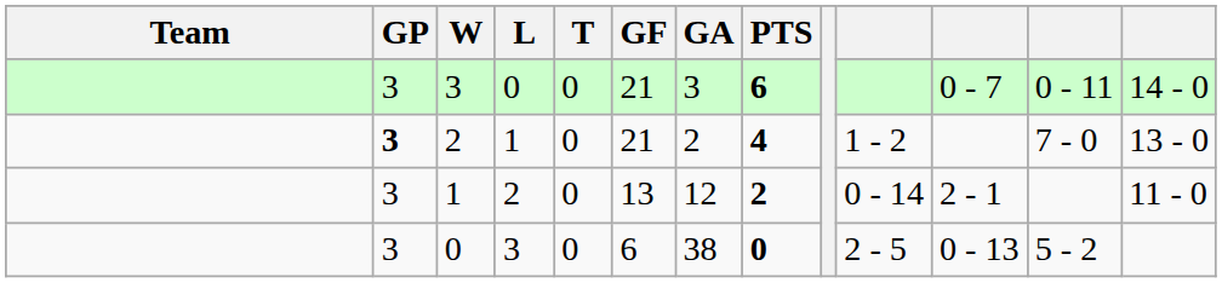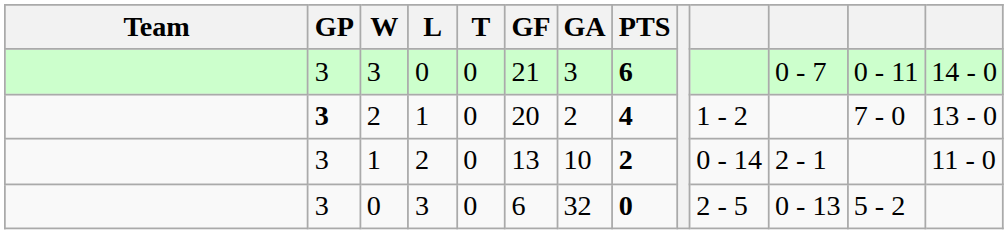 <table class="wikitable">
 <tr>
 <th width=165>Team</th>
 <th width=20>GP</th>
 <th width=20>W</th>
 <th width=20>L</th>
 <th width=20>T</th>
 <th width=20>GF</th>
 <th width=20>GA</th>
 <th width=20>PTS</th>
 <th rowspan=10></th>
 <th></th>
 <th></th>
 <th></th>
 <th></th>
 </tr>
 <tr bgcolor="#ccffcc">
 <td style="text-align:left;"></td>
 <td>3</td>
 <td>3</td>
 <td>0</td>
 <td>0</td>
 <td>21</td>
 <td>3</td>
 <td><strong>6</strong></td>
 <td></td>
 <td>0 - 7</td>
 <td>0 - 11</td>
 <td>14 - 0</td>
 </tr>
 <tr>
 <td style="text-align:left;"></td>
 <td><strong>3</strong></td>
 <td>2</td>
 <td>1</td>
 <td>0</td>
-<td>21</td>
+<td>20</td>
 <td>2</td>
 <td><strong>4</strong></td>
 <td>1 - 2</td>
 <td></td>
 <td>7 - 0</td>
 <td>13 - 0</td>
 </tr>
 <tr>
 <td style="text-align:left;"></td>
 <td>3</td>
 <td>1</td>
 <td>2</td>
 <td>0</td>
 <td>13</td>
-<td>12</td>
+<td>10</td>
 <td><strong>2</strong></td>
 <td>0 - 14</td>
 <td>2 - 1</td>
 <td></td>
 <td>11 - 0</td>
 </tr>
 <tr>
 <td style="text-align:left;"></td>
 <td>3</td>
 <td>0</td>
 <td>3</td>
 <td>0</td>
 <td>6</td>
-<td>38</td>
+<td>32</td>
 <td><strong>0</strong></td>
 <td>2 - 5</td>
 <td>0 - 13</td>
 <td>5 - 2</td>
 <td></td>
 </tr>
 </table>
